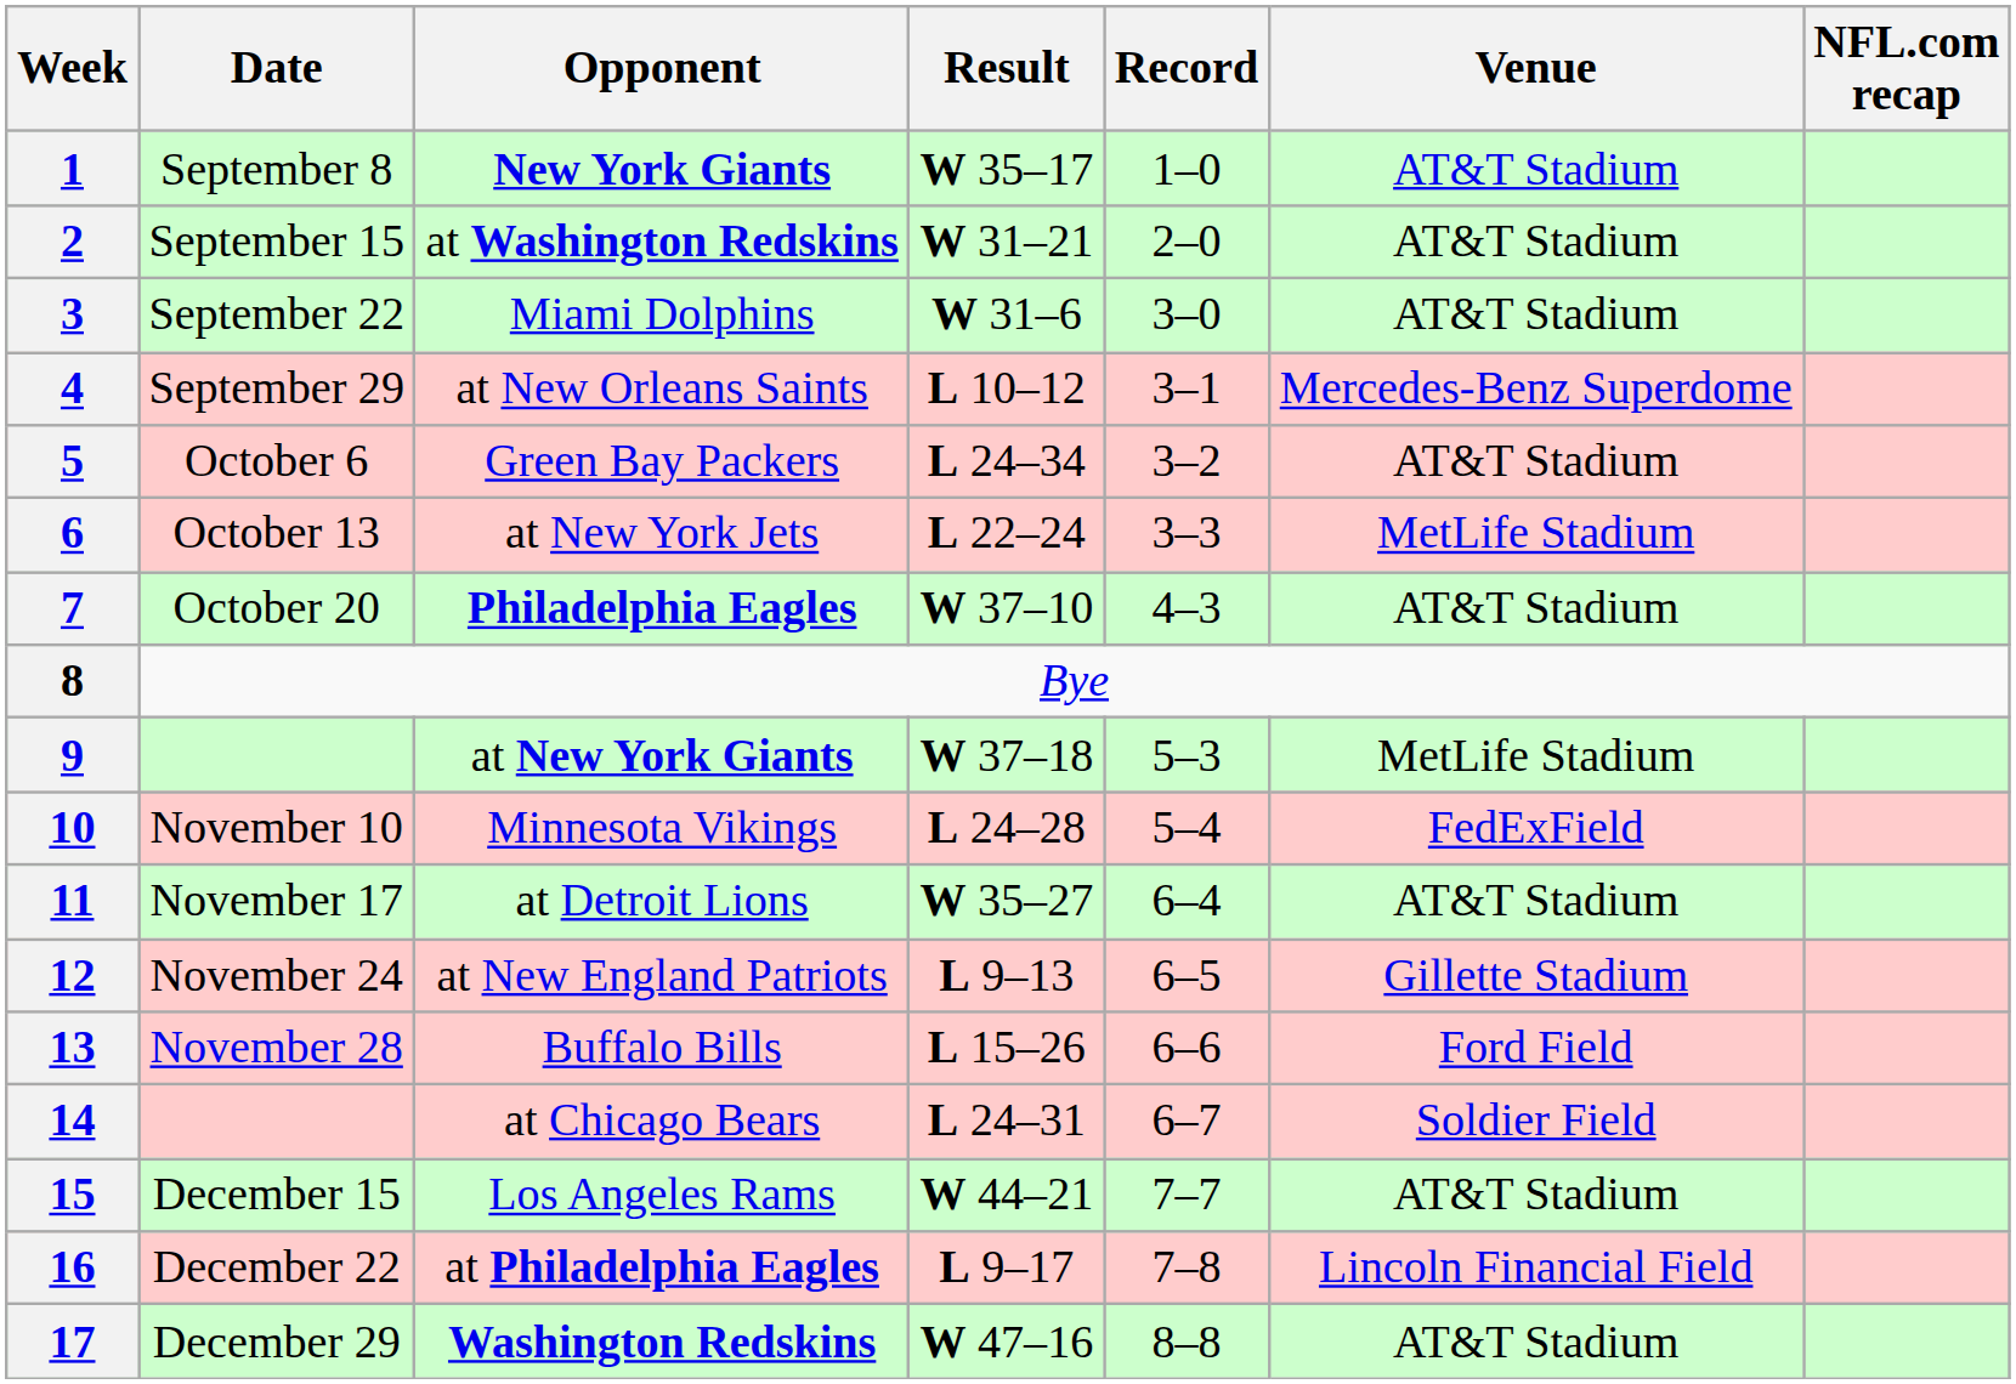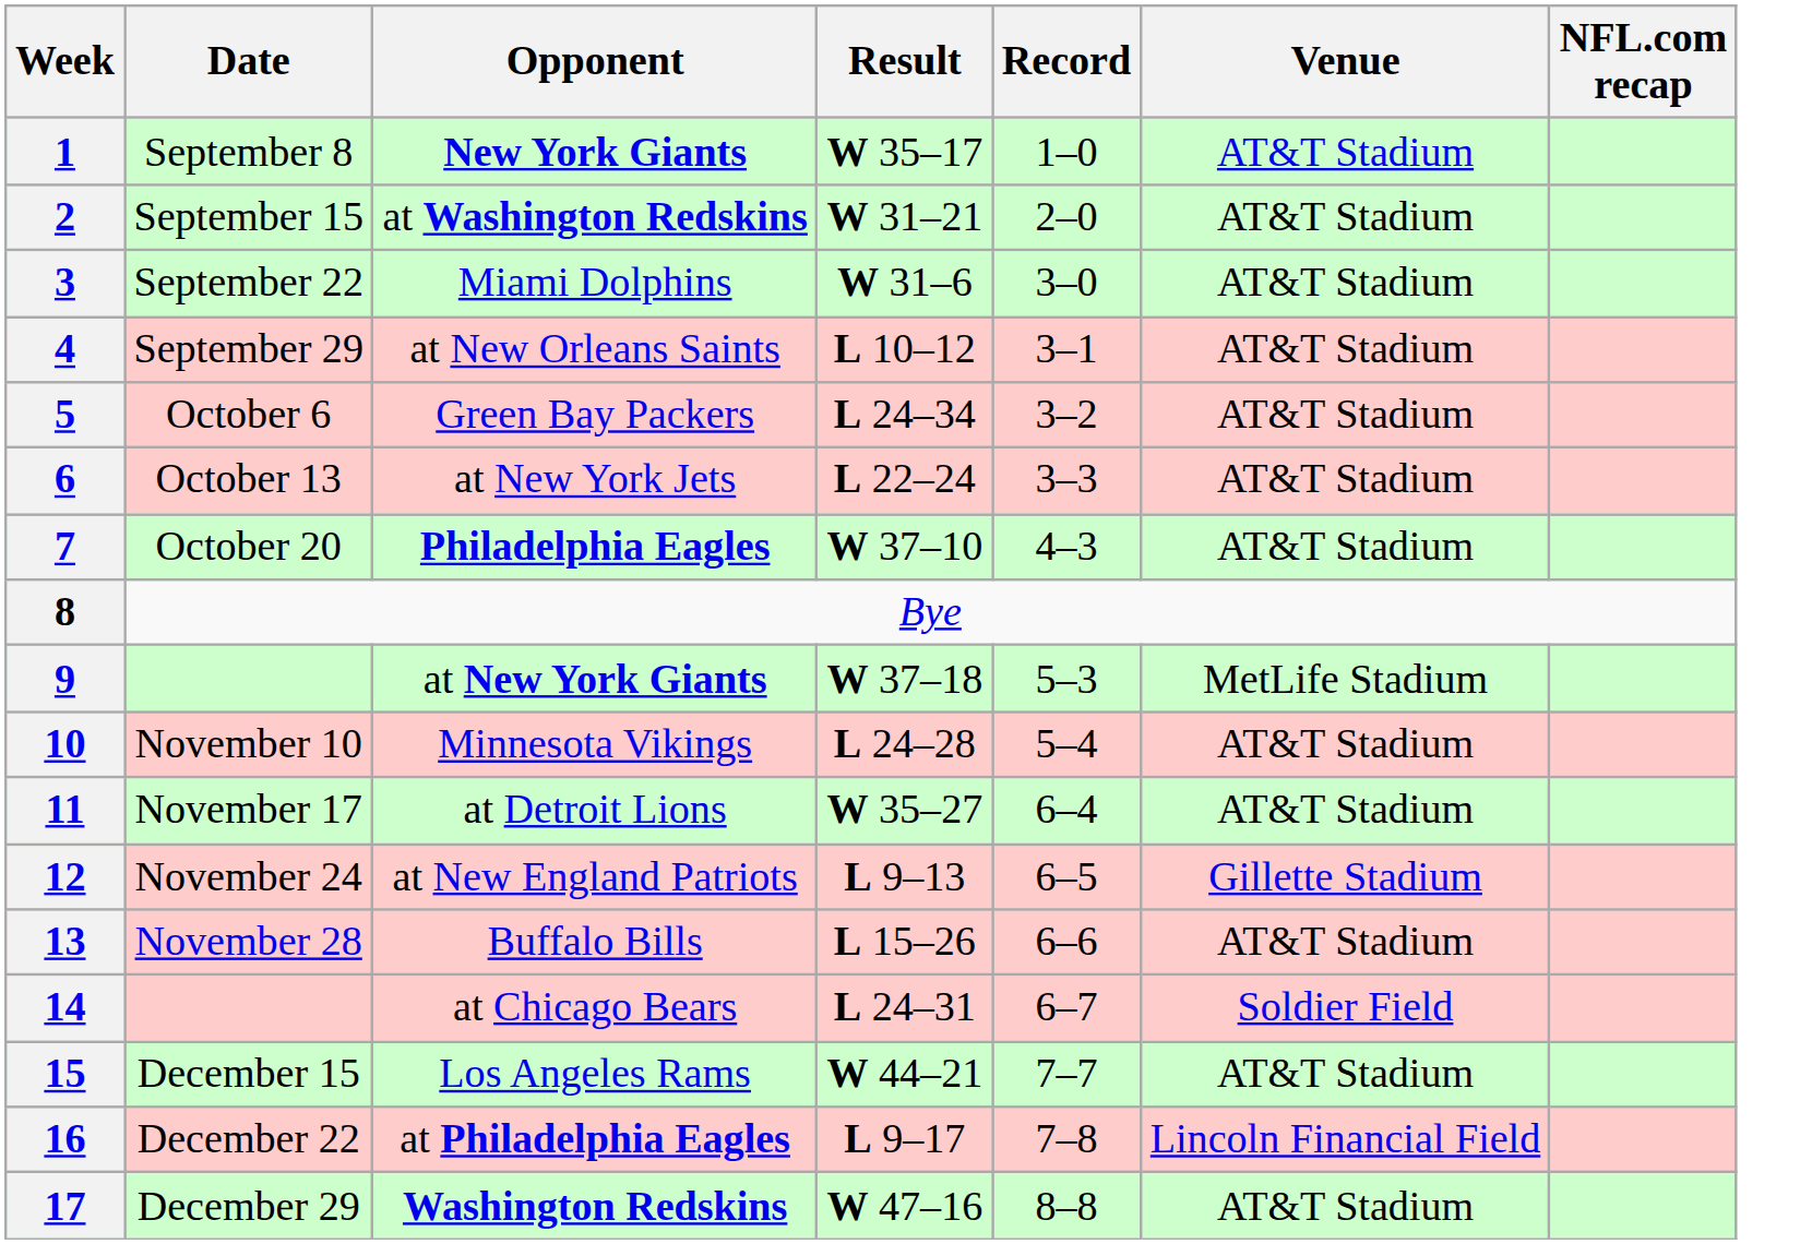 <table class="wikitable" style="text-align:center">
 <tr>
 <th>Week</th>
 <th>Date</th>
 <th>Opponent</th>
 <th>Result</th>
 <th>Record</th>
 <th>Venue</th>
 <th>NFL.com<br>recap</th>
 </tr>
 <tr style="background:#cfc">
 <th><a href='#'>1</a></th>
 <td>September 8</td>
 <td><strong><a href='#'>New York Giants</a></strong></td>
 <td><strong>W</strong> 35–17</td>
 <td>1–0</td>
 <td><a href='#'>AT&T Stadium</a></td>
 <td></td>
 </tr>
 <tr style="background:#cfc">
 <th><a href='#'>2</a></th>
 <td>September 15</td>
 <td>at <strong><a href='#'>Washington Redskins</a></strong></td>
 <td><strong>W</strong> 31–21</td>
 <td>2–0</td>
 <td>AT&T Stadium</td>
 <td></td>
 </tr>
 <tr style="background:#cfc">
 <th><a href='#'>3</a></th>
 <td>September 22</td>
 <td><a href='#'>Miami Dolphins</a></td>
 <td><strong>W</strong> 31–6</td>
 <td>3–0</td>
 <td>AT&T Stadium</td>
 <td></td>
 </tr>
 <tr style="background:#fcc">
 <th><a href='#'>4</a></th>
 <td>September 29</td>
 <td>at <a href='#'>New Orleans Saints</a></td>
 <td><strong>L</strong> 10–12</td>
 <td>3–1</td>
-<td><a href='#'>Mercedes-Benz Superdome</a></td>
+<td>AT&T Stadium</td>
 <td></td>
 </tr>
 <tr style="background:#fcc">
 <th><a href='#'>5</a></th>
 <td>October 6</td>
 <td><a href='#'>Green Bay Packers</a></td>
 <td><strong>L</strong> 24–34</td>
 <td>3–2</td>
 <td>AT&T Stadium</td>
 <td></td>
 </tr>
 <tr style="background:#fcc">
 <th><a href='#'>6</a></th>
 <td>October 13</td>
 <td>at <a href='#'>New York Jets</a></td>
 <td><strong>L</strong> 22–24</td>
 <td>3–3</td>
-<td><a href='#'>MetLife Stadium</a></td>
+<td>AT&T Stadium</td>
 <td></td>
 </tr>
 <tr style="background:#cfc">
 <th><a href='#'>7</a></th>
 <td>October 20</td>
 <td><strong><a href='#'>Philadelphia Eagles</a></strong></td>
 <td><strong>W</strong> 37–10</td>
 <td>4–3</td>
 <td>AT&T Stadium</td>
 <td></td>
 </tr>
 <tr>
 <th>8</th>
 <td colspan="6"><em><a href='#'>Bye</a></em></td>
 </tr>
 <tr style="background:#cfc">
 <th><a href='#'>9</a></th>
 <td></td>
 <td>at <strong><a href='#'>New York Giants</a></strong></td>
 <td><strong>W</strong> 37–18</td>
 <td>5–3</td>
 <td>MetLife Stadium</td>
 <td></td>
 </tr>
 <tr style="background:#fcc">
 <th><a href='#'>10</a></th>
 <td>November 10</td>
 <td><a href='#'>Minnesota Vikings</a></td>
 <td><strong>L</strong> 24–28</td>
 <td>5–4</td>
-<td><a href='#'>FedExField</a></td>
+<td>AT&T Stadium</td>
 <td></td>
 </tr>
 <tr style="background:#cfc">
 <th><a href='#'>11</a></th>
 <td>November 17</td>
 <td>at <a href='#'>Detroit Lions</a></td>
 <td><strong>W</strong> 35–27</td>
 <td>6–4</td>
 <td>AT&T Stadium</td>
 <td></td>
 </tr>
 <tr style="background:#fcc">
 <th><a href='#'>12</a></th>
 <td>November 24</td>
 <td>at <a href='#'>New England Patriots</a></td>
 <td><strong>L</strong> 9–13</td>
 <td>6–5</td>
 <td><a href='#'>Gillette Stadium</a></td>
 <td></td>
 </tr>
 <tr style="background:#fcc">
 <th><a href='#'>13</a></th>
 <td><a href='#'>November 28</a></td>
 <td><a href='#'>Buffalo Bills</a></td>
 <td><strong>L</strong> 15–26</td>
 <td>6–6</td>
-<td><a href='#'>Ford Field</a></td>
+<td>AT&T Stadium</td>
 <td></td>
 </tr>
 <tr style="background:#fcc">
 <th><a href='#'>14</a></th>
 <td></td>
 <td>at <a href='#'>Chicago Bears</a></td>
 <td><strong>L</strong> 24–31</td>
 <td>6–7</td>
 <td><a href='#'>Soldier Field</a></td>
 <td></td>
 </tr>
 <tr style="background:#cfc">
 <th><a href='#'>15</a></th>
 <td>December 15</td>
 <td><a href='#'>Los Angeles Rams</a></td>
 <td><strong>W</strong> 44–21</td>
 <td>7–7</td>
 <td>AT&T Stadium</td>
 <td></td>
 </tr>
 <tr style="background:#fcc">
 <th><a href='#'>16</a></th>
 <td>December 22</td>
 <td>at <strong><a href='#'>Philadelphia Eagles</a></strong></td>
 <td><strong>L</strong> 9–17</td>
 <td>7–8</td>
 <td><a href='#'>Lincoln Financial Field</a></td>
 <td></td>
 </tr>
 <tr style="background:#cfc">
 <th><a href='#'>17</a></th>
 <td>December 29</td>
 <td><strong><a href='#'>Washington Redskins</a></strong></td>
 <td><strong>W</strong> 47–16</td>
 <td>8–8</td>
 <td>AT&T Stadium</td>
 <td></td>
 </tr>
 </table>
